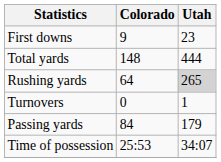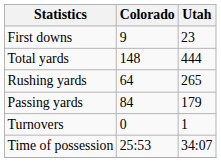 <table class="wikitable">
 <tr>
 <th>Statistics</th>
 <th>Colorado</th>
 <th>Utah</th>
 </tr>
 <tr>
 <td>First downs</td>
 <td>9</td>
 <td>23</td>
 </tr>
 <tr>
 <td>Total yards</td>
 <td>148</td>
 <td>444</td>
 </tr>
 <tr>
 <td>Rushing yards</td>
 <td>64</td>
-<td style="background: lightgrey;">265</td>
+<td>265</td>
+</tr>
+<tr>
+<td>Passing yards</td>
+<td>84</td>
+<td>179</td>
 </tr>
 <tr>
 <td>Turnovers</td>
 <td>0</td>
 <td>1</td>
-</tr>
-<tr>
-<td>Passing yards</td>
-<td>84</td>
-<td>179</td>
 </tr>
 <tr>
 <td>Time of possession</td>
 <td>25:53</td>
 <td>34:07</td>
 </tr>
 <tr>
 </tr>
 </table>
